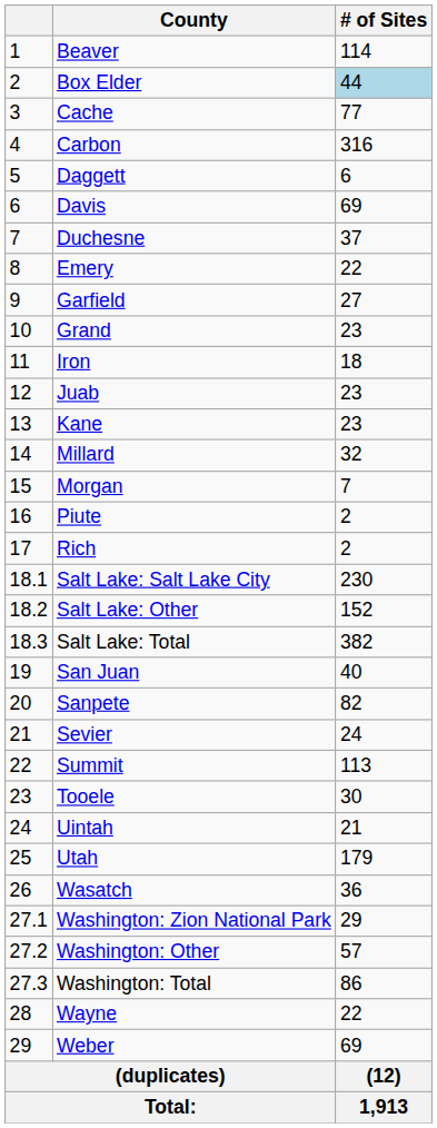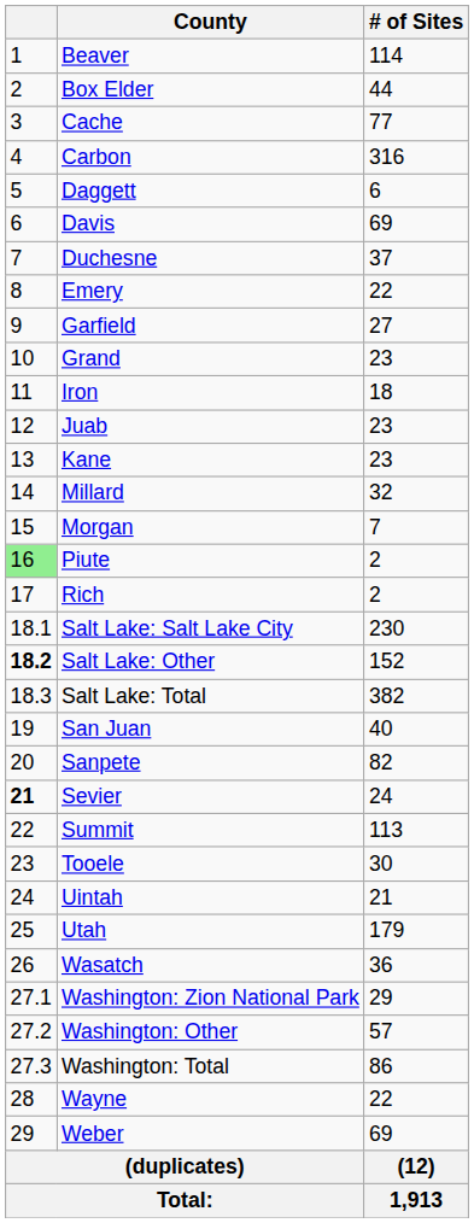 <table class="wikitable sortable">
 <tr>
 <th></th>
 <th><strong>County</strong></th>
 <th><strong># of Sites</strong></th>
 </tr>
 <tr ->
 <td>1</td>
 <td><a href='#'>Beaver</a></td>
 <td>114</td>
 </tr>
 <tr ->
 <td>2</td>
 <td><a href='#'>Box Elder</a></td>
-<td style="background: lightblue;">44</td>
+<td>44</td>
 </tr>
 <tr ->
 <td>3</td>
 <td><a href='#'>Cache</a></td>
 <td>77</td>
 </tr>
 <tr ->
 <td>4</td>
 <td><a href='#'>Carbon</a></td>
 <td>316</td>
 </tr>
 <tr ->
 <td>5</td>
 <td><a href='#'>Daggett</a></td>
 <td>6</td>
 </tr>
 <tr ->
 <td>6</td>
 <td><a href='#'>Davis</a></td>
 <td>69</td>
 </tr>
 <tr ->
 <td>7</td>
 <td><a href='#'>Duchesne</a></td>
 <td>37</td>
 </tr>
 <tr ->
 <td>8</td>
 <td><a href='#'>Emery</a></td>
 <td>22</td>
 </tr>
 <tr ->
 <td>9</td>
 <td><a href='#'>Garfield</a></td>
 <td>27</td>
 </tr>
 <tr ->
 <td>10</td>
 <td><a href='#'>Grand</a></td>
 <td>23</td>
 </tr>
 <tr ->
 <td>11</td>
 <td><a href='#'>Iron</a></td>
 <td>18</td>
 </tr>
 <tr ->
 <td>12</td>
 <td><a href='#'>Juab</a></td>
 <td>23</td>
 </tr>
 <tr ->
 <td>13</td>
 <td><a href='#'>Kane</a></td>
 <td>23</td>
 </tr>
 <tr ->
 <td>14</td>
 <td><a href='#'>Millard</a></td>
 <td>32</td>
 </tr>
 <tr ->
 <td>15</td>
 <td><a href='#'>Morgan</a></td>
 <td>7</td>
 </tr>
 <tr ->
-<td>16</td>
+<td style="background: lightgreen;">16</td>
 <td><a href='#'>Piute</a></td>
 <td>2</td>
 </tr>
 <tr ->
 <td>17</td>
 <td><a href='#'>Rich</a></td>
 <td>2</td>
 </tr>
 <tr ->
 <td>18.1</td>
 <td><a href='#'>Salt Lake: Salt Lake City</a></td>
 <td>230</td>
 </tr>
 <tr ->
-<td>18.2</td>
+<td><strong>18.2</strong></td>
 <td><a href='#'>Salt Lake: Other</a></td>
 <td>152</td>
 </tr>
 <tr ->
 <td>18.3</td>
 <td>Salt Lake: Total</td>
 <td>382</td>
 </tr>
 <tr ->
 <td>19</td>
 <td><a href='#'>San Juan</a></td>
 <td>40</td>
 </tr>
 <tr ->
 <td>20</td>
 <td><a href='#'>Sanpete</a></td>
 <td>82</td>
 </tr>
 <tr ->
-<td>21</td>
+<td><strong>21</strong></td>
 <td><a href='#'>Sevier</a></td>
 <td>24</td>
 </tr>
 <tr ->
 <td>22</td>
 <td><a href='#'>Summit</a></td>
 <td>113</td>
 </tr>
 <tr ->
 <td>23</td>
 <td><a href='#'>Tooele</a></td>
 <td>30</td>
 </tr>
 <tr ->
 <td>24</td>
 <td><a href='#'>Uintah</a></td>
 <td>21</td>
 </tr>
 <tr ->
 <td>25</td>
 <td><a href='#'>Utah</a></td>
 <td>179</td>
 </tr>
 <tr ->
 <td>26</td>
 <td><a href='#'>Wasatch</a></td>
 <td>36</td>
 </tr>
 <tr ->
 <td>27.1</td>
 <td><a href='#'>Washington: Zion National Park</a></td>
 <td>29</td>
 </tr>
 <tr ->
 <td>27.2</td>
 <td><a href='#'>Washington: Other</a></td>
 <td>57</td>
 </tr>
 <tr ->
 <td>27.3</td>
 <td>Washington: Total</td>
 <td>86</td>
 </tr>
 <tr ->
 <td>28</td>
 <td><a href='#'>Wayne</a></td>
 <td>22</td>
 </tr>
 <tr ->
 <td>29</td>
 <td><a href='#'>Weber</a></td>
 <td>69</td>
 </tr>
 <tr class="sortbottom">
 <th colspan="2">(duplicates)</th>
 <th>(12)</th>
 </tr>
 <tr class="sortbottom">
 <th colspan="2">Total:</th>
 <th>1,913</th>
 </tr>
 </table>
